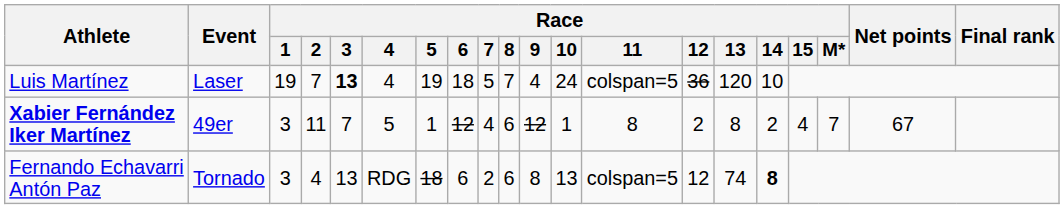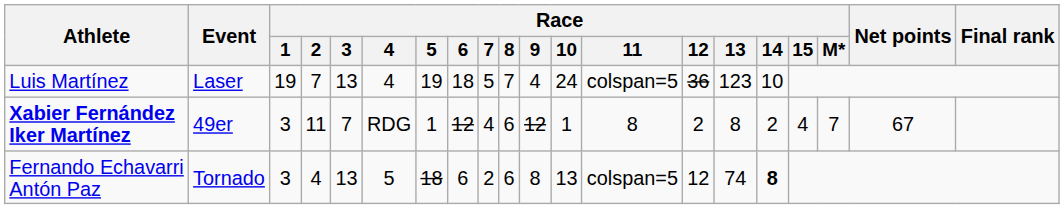 <table class="wikitable" style="font-size:90%">
 <tr>
 <th rowspan=2>Athlete</th>
 <th rowspan=2>Event</th>
 <th colspan=16>Race</th>
 <th rowspan=2>Net points</th>
 <th rowspan=2>Final rank</th>
 </tr>
 <tr style="font-size:95%">
 <th>1</th>
 <th>2</th>
 <th>3</th>
 <th>4</th>
 <th>5</th>
 <th>6</th>
 <th>7</th>
 <th>8</th>
 <th>9</th>
 <th>10</th>
 <th>11</th>
 <th>12</th>
 <th>13</th>
 <th>14</th>
 <th>15</th>
 <th>M*</th>
 </tr>
 <tr align=center>
 <td align=left><a href='#'>Luis Martínez</a></td>
 <td align=left><a href='#'>Laser</a></td>
 <td>19</td>
 <td>7</td>
-<td><strong>13</strong></td>
+<td>13</td>
 <td>4</td>
 <td>19</td>
 <td>18</td>
 <td>5</td>
 <td>7</td>
 <td>4</td>
 <td>24</td>
 <td>colspan=5 </td>
 <td><s>36</s></td>
-<td>120</td>
+<td>123</td>
 <td>10</td>
 </tr>
 <tr align=center>
 <td align=left><strong><a href='#'>Xabier Fernández</a><br><a href='#'>Iker Martínez</a></strong></td>
 <td align=left><a href='#'>49er</a></td>
 <td>3</td>
 <td>11</td>
 <td>7</td>
-<td>5</td>
+<td>RDG</td>
 <td>1</td>
 <td><s>12</s></td>
 <td>4</td>
 <td>6</td>
 <td><s>12</s></td>
 <td>1</td>
 <td>8</td>
 <td>2</td>
 <td>8</td>
 <td>2</td>
 <td>4</td>
 <td>7</td>
 <td>67</td>
 <td></td>
 </tr>
 <tr align=center>
 <td align=left><a href='#'>Fernando Echavarri</a><br><a href='#'>Antón Paz</a></td>
 <td align=left><a href='#'>Tornado</a></td>
 <td>3</td>
 <td>4</td>
 <td>13</td>
-<td>RDG</td>
+<td>5</td>
 <td><s>18</s></td>
 <td>6</td>
 <td>2</td>
 <td>6</td>
 <td>8</td>
 <td>13</td>
 <td>colspan=5 </td>
 <td>12</td>
 <td>74</td>
 <td><strong>8</strong></td>
 </tr>
 </table>
